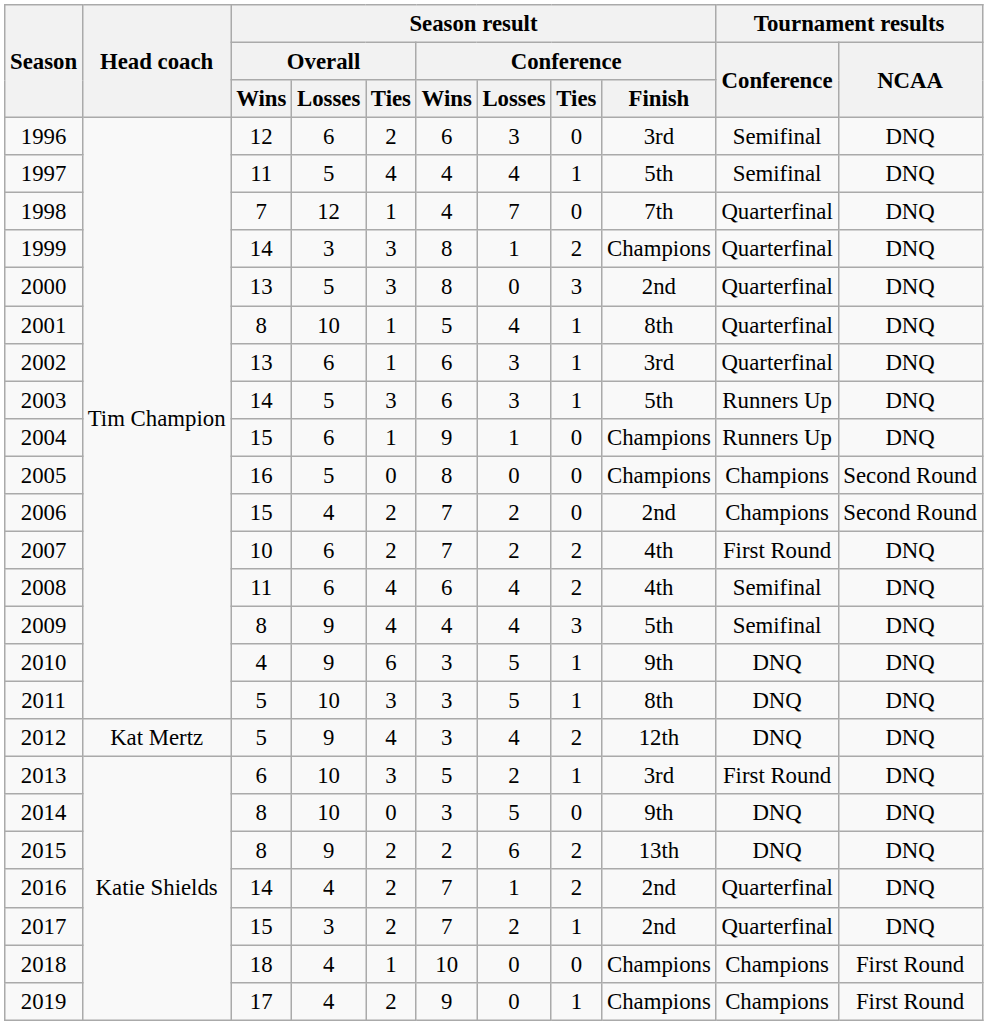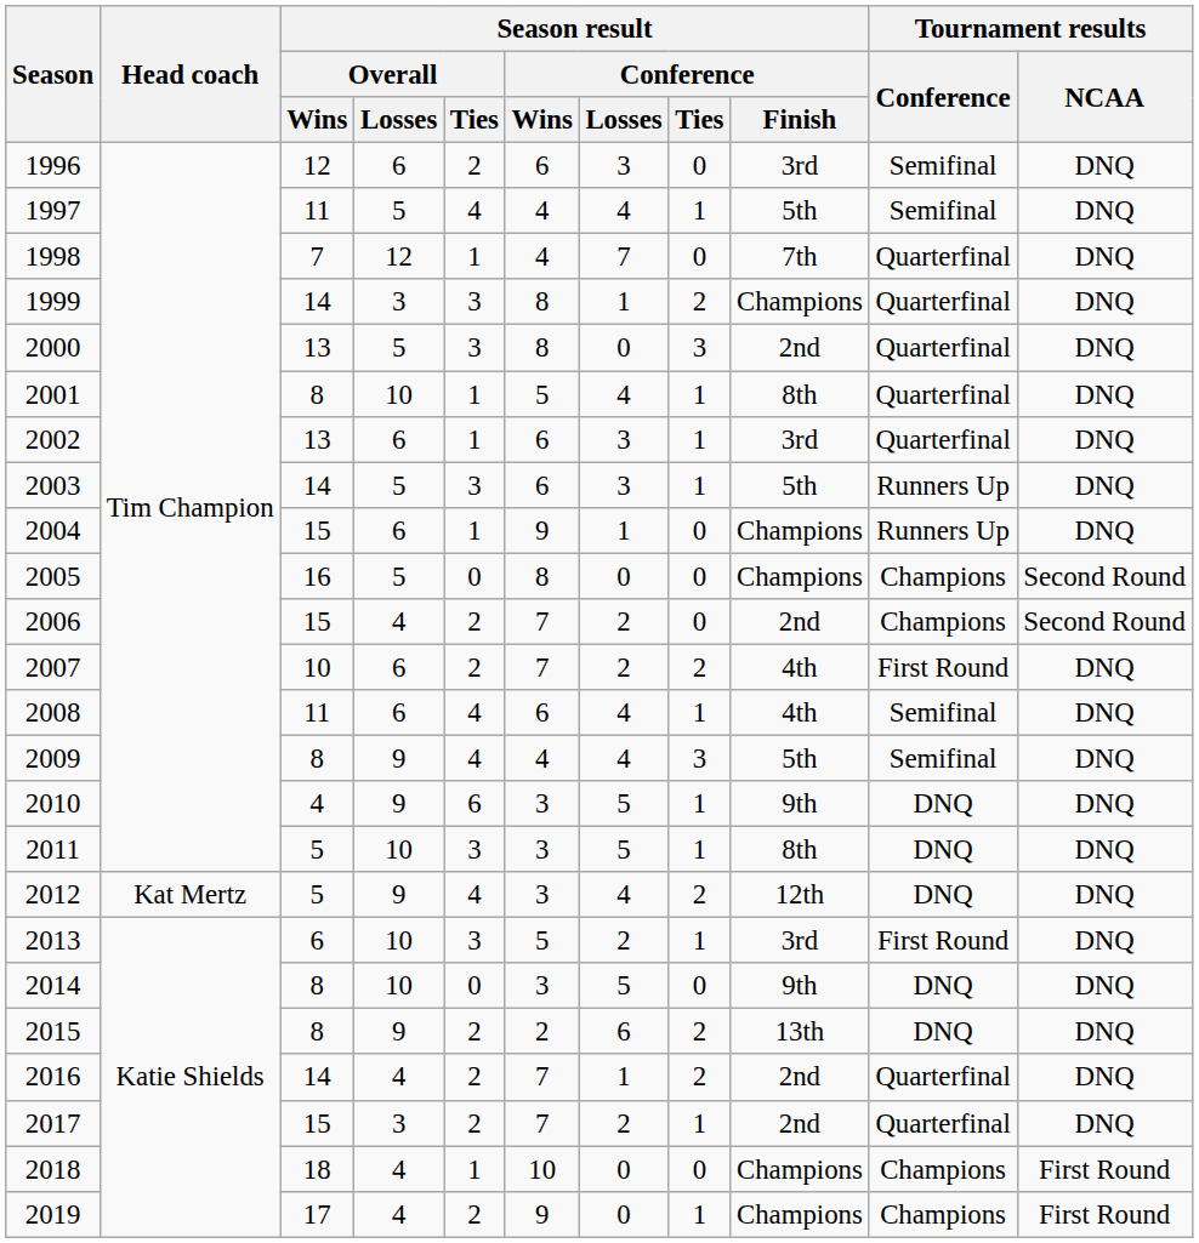 <table class="wikitable" style="font-size: 95%; text-align:center;">
 <tr>
 <th rowspan="3">Season</th>
 <th rowspan="3">Head coach</th>
 <th colspan="7">Season result</th>
 <th colspan="2">Tournament results</th>
 </tr>
 <tr>
 <th colspan="3">Overall</th>
 <th colspan="4">Conference</th>
 <th rowspan="2">Conference</th>
 <th rowspan="2">NCAA</th>
 </tr>
 <tr>
 <th>Wins</th>
 <th>Losses</th>
 <th>Ties</th>
 <th>Wins</th>
 <th>Losses</th>
 <th>Ties</th>
 <th>Finish</th>
 </tr>
 <tr>
 <td>1996</td>
 <td rowspan="16">Tim Champion</td>
 <td>12</td>
 <td>6</td>
 <td>2</td>
 <td>6</td>
 <td>3</td>
 <td>0</td>
 <td>3rd</td>
 <td>Semifinal</td>
 <td>DNQ</td>
 </tr>
 <tr>
 <td>1997</td>
 <td>11</td>
 <td>5</td>
 <td>4</td>
 <td>4</td>
 <td>4</td>
 <td>1</td>
 <td>5th</td>
 <td>Semifinal</td>
 <td>DNQ</td>
 </tr>
 <tr>
 <td>1998</td>
 <td>7</td>
 <td>12</td>
 <td>1</td>
 <td>4</td>
 <td>7</td>
 <td>0</td>
 <td>7th</td>
 <td>Quarterfinal</td>
 <td>DNQ</td>
 </tr>
 <tr>
 <td>1999</td>
 <td>14</td>
 <td>3</td>
 <td>3</td>
 <td>8</td>
 <td>1</td>
 <td>2</td>
 <td>Champions</td>
 <td>Quarterfinal</td>
 <td>DNQ</td>
 </tr>
 <tr>
 <td>2000</td>
 <td>13</td>
 <td>5</td>
 <td>3</td>
 <td>8</td>
 <td>0</td>
 <td>3</td>
 <td>2nd</td>
 <td>Quarterfinal</td>
 <td>DNQ</td>
 </tr>
 <tr>
 <td>2001</td>
 <td>8</td>
 <td>10</td>
 <td>1</td>
 <td>5</td>
 <td>4</td>
 <td>1</td>
 <td>8th</td>
 <td>Quarterfinal</td>
 <td>DNQ</td>
 </tr>
 <tr>
 <td>2002</td>
 <td>13</td>
 <td>6</td>
 <td>1</td>
 <td>6</td>
 <td>3</td>
 <td>1</td>
 <td>3rd</td>
 <td>Quarterfinal</td>
 <td>DNQ</td>
 </tr>
 <tr>
 <td>2003</td>
 <td>14</td>
 <td>5</td>
 <td>3</td>
 <td>6</td>
 <td>3</td>
 <td>1</td>
 <td>5th</td>
 <td>Runners Up</td>
 <td>DNQ</td>
 </tr>
 <tr>
 <td>2004</td>
 <td>15</td>
 <td>6</td>
 <td>1</td>
 <td>9</td>
 <td>1</td>
 <td>0</td>
 <td>Champions</td>
 <td>Runners Up</td>
 <td>DNQ</td>
 </tr>
 <tr>
 <td>2005</td>
 <td>16</td>
 <td>5</td>
 <td>0</td>
 <td>8</td>
 <td>0</td>
 <td>0</td>
 <td>Champions</td>
 <td>Champions</td>
 <td>Second Round</td>
 </tr>
 <tr>
 <td>2006</td>
 <td>15</td>
 <td>4</td>
 <td>2</td>
 <td>7</td>
 <td>2</td>
 <td>0</td>
 <td>2nd</td>
 <td>Champions</td>
 <td>Second Round</td>
 </tr>
 <tr>
 <td>2007</td>
 <td>10</td>
 <td>6</td>
 <td>2</td>
 <td>7</td>
 <td>2</td>
 <td>2</td>
 <td>4th</td>
 <td>First Round</td>
 <td>DNQ</td>
 </tr>
 <tr>
 <td>2008</td>
 <td>11</td>
 <td>6</td>
 <td>4</td>
 <td>6</td>
 <td>4</td>
-<td>2</td>
+<td>1</td>
 <td>4th</td>
 <td>Semifinal</td>
 <td>DNQ</td>
 </tr>
 <tr>
 <td>2009</td>
 <td>8</td>
 <td>9</td>
 <td>4</td>
 <td>4</td>
 <td>4</td>
 <td>3</td>
 <td>5th</td>
 <td>Semifinal</td>
 <td>DNQ</td>
 </tr>
 <tr>
 <td>2010</td>
 <td>4</td>
 <td>9</td>
 <td>6</td>
 <td>3</td>
 <td>5</td>
 <td>1</td>
 <td>9th</td>
 <td>DNQ</td>
 <td>DNQ</td>
 </tr>
 <tr>
 <td>2011</td>
 <td>5</td>
 <td>10</td>
 <td>3</td>
 <td>3</td>
 <td>5</td>
 <td>1</td>
 <td>8th</td>
 <td>DNQ</td>
 <td>DNQ</td>
 </tr>
 <tr>
 <td>2012</td>
 <td>Kat Mertz</td>
 <td>5</td>
 <td>9</td>
 <td>4</td>
 <td>3</td>
 <td>4</td>
 <td>2</td>
 <td>12th</td>
 <td>DNQ</td>
 <td>DNQ</td>
 </tr>
 <tr>
 <td>2013</td>
 <td rowspan="7">Katie Shields</td>
 <td>6</td>
 <td>10</td>
 <td>3</td>
 <td>5</td>
 <td>2</td>
 <td>1</td>
 <td>3rd</td>
 <td>First Round</td>
 <td>DNQ</td>
 </tr>
 <tr>
 <td>2014</td>
 <td>8</td>
 <td>10</td>
 <td>0</td>
 <td>3</td>
 <td>5</td>
 <td>0</td>
 <td>9th</td>
 <td>DNQ</td>
 <td>DNQ</td>
 </tr>
 <tr>
 <td>2015</td>
 <td>8</td>
 <td>9</td>
 <td>2</td>
 <td>2</td>
 <td>6</td>
 <td>2</td>
 <td>13th</td>
 <td>DNQ</td>
 <td>DNQ</td>
 </tr>
 <tr>
 <td>2016</td>
 <td>14</td>
 <td>4</td>
 <td>2</td>
 <td>7</td>
 <td>1</td>
 <td>2</td>
 <td>2nd</td>
 <td>Quarterfinal</td>
 <td>DNQ</td>
 </tr>
 <tr>
 <td>2017</td>
 <td>15</td>
 <td>3</td>
 <td>2</td>
 <td>7</td>
 <td>2</td>
 <td>1</td>
 <td>2nd</td>
 <td>Quarterfinal</td>
 <td>DNQ</td>
 </tr>
 <tr>
 <td>2018</td>
 <td>18</td>
 <td>4</td>
 <td>1</td>
 <td>10</td>
 <td>0</td>
 <td>0</td>
 <td>Champions</td>
 <td>Champions</td>
 <td>First Round</td>
 </tr>
 <tr>
 <td>2019</td>
 <td>17</td>
 <td>4</td>
 <td>2</td>
 <td>9</td>
 <td>0</td>
 <td>1</td>
 <td>Champions</td>
 <td>Champions</td>
 <td>First Round</td>
 </tr>
 </table>
